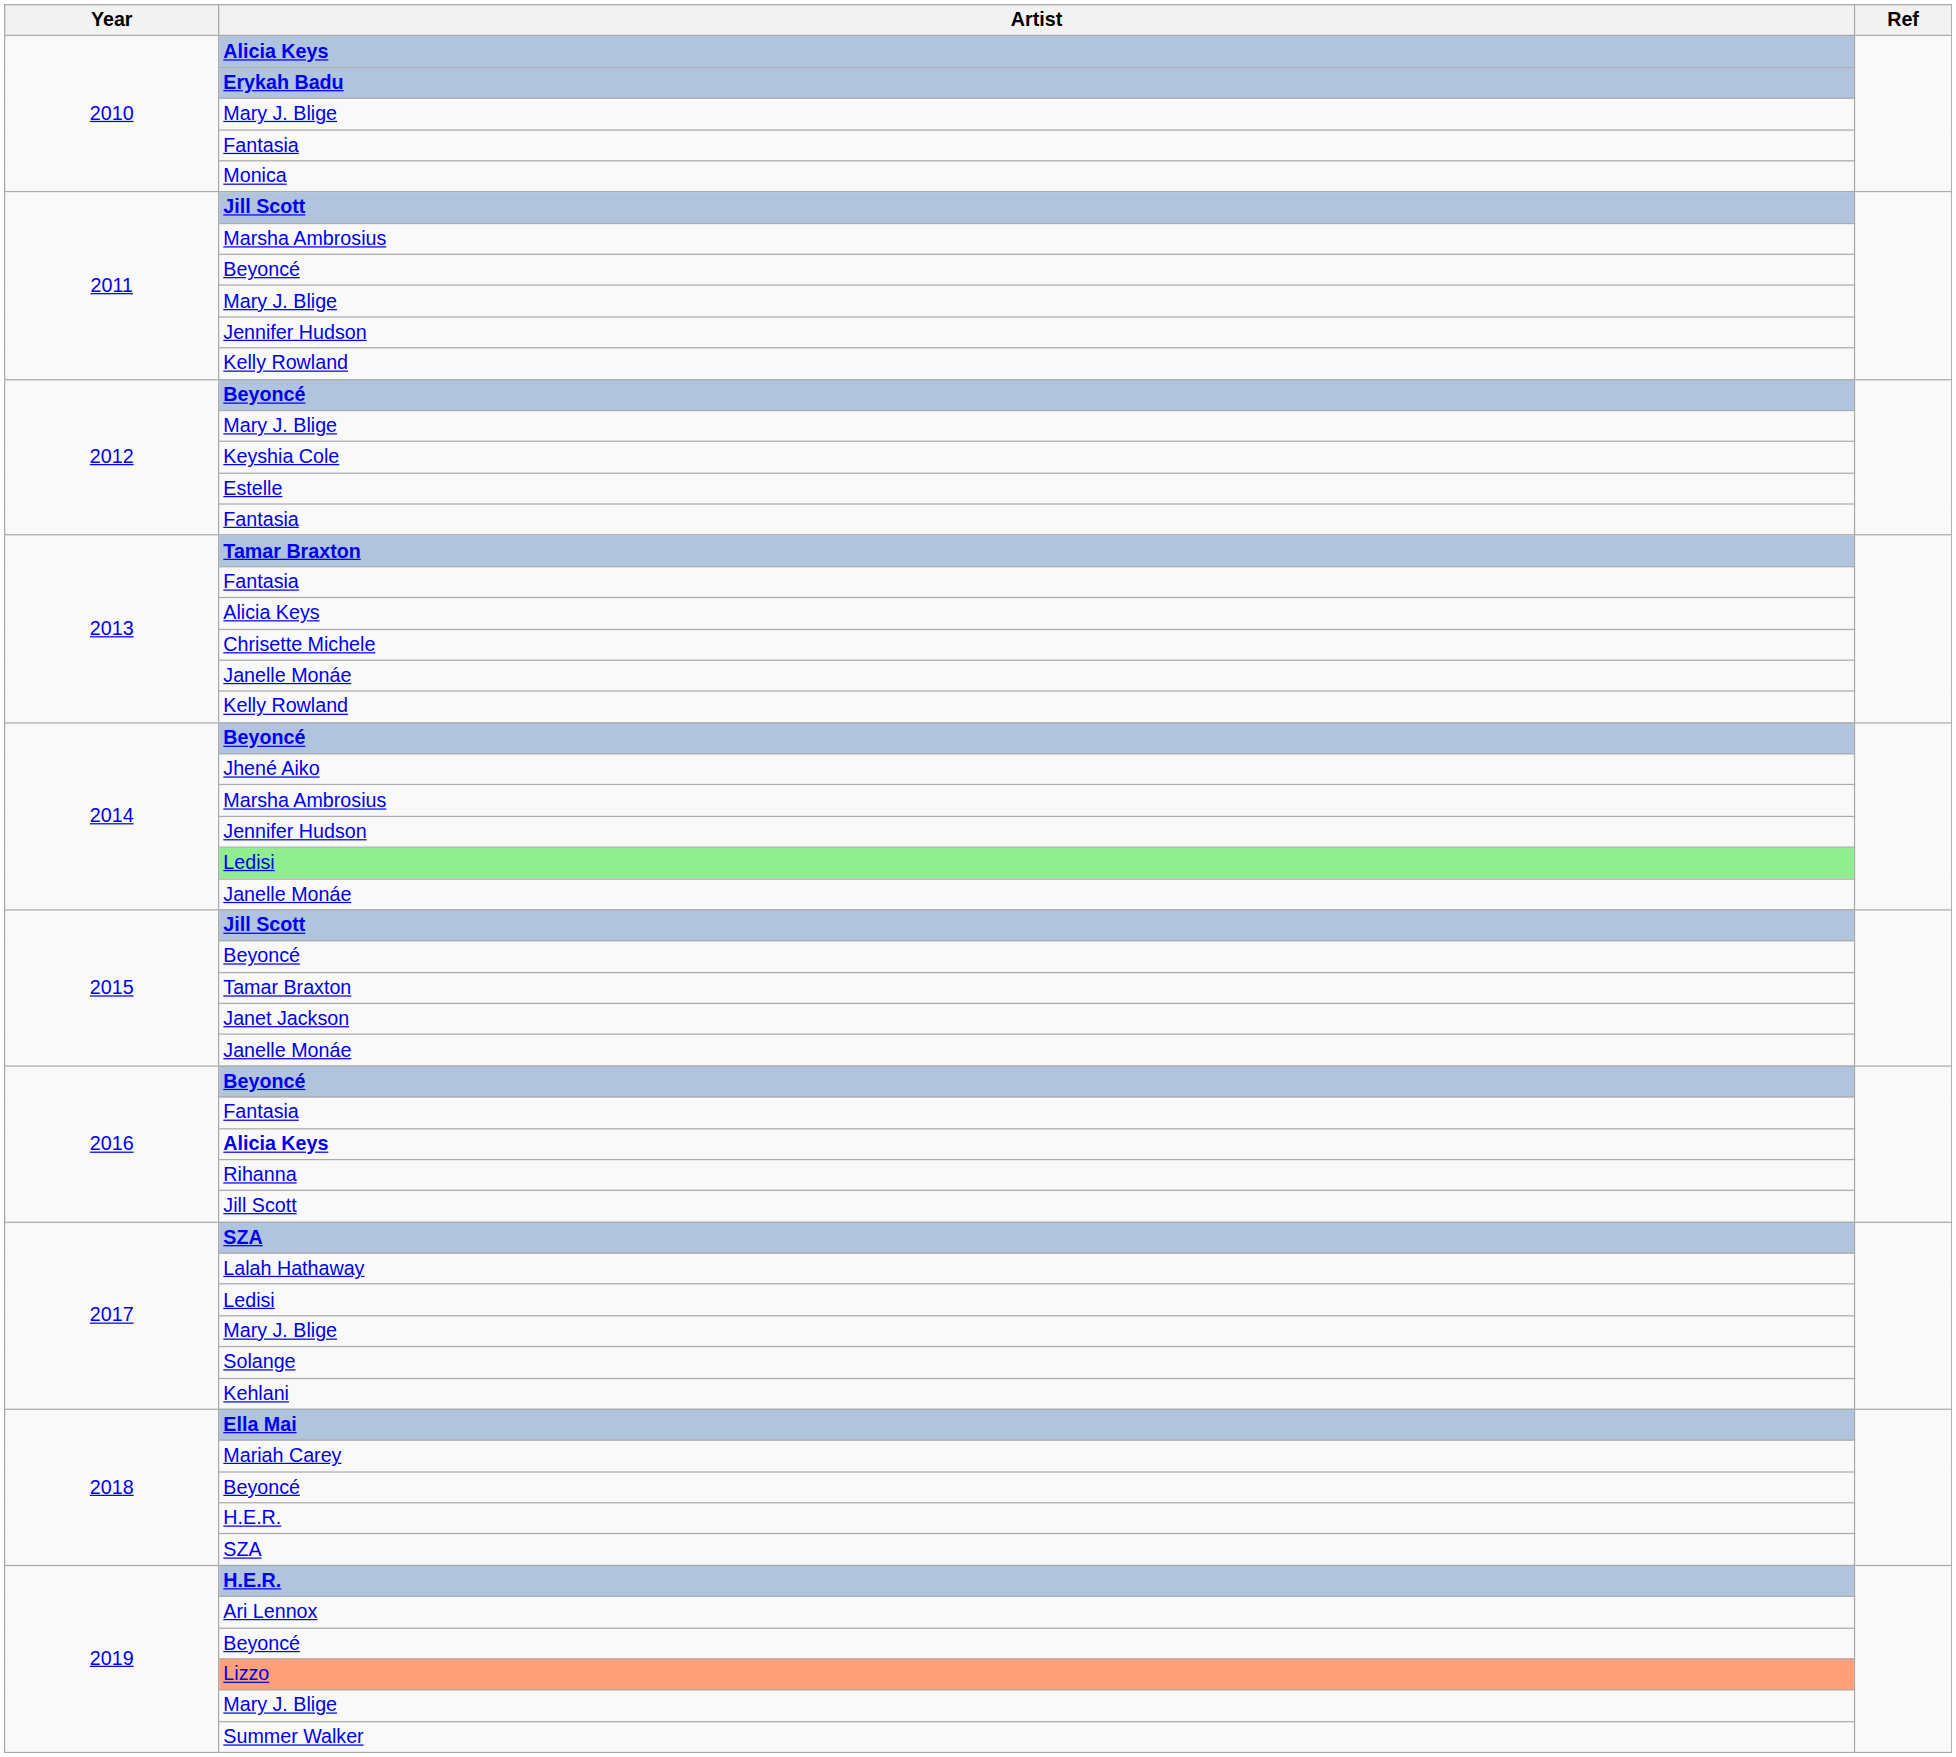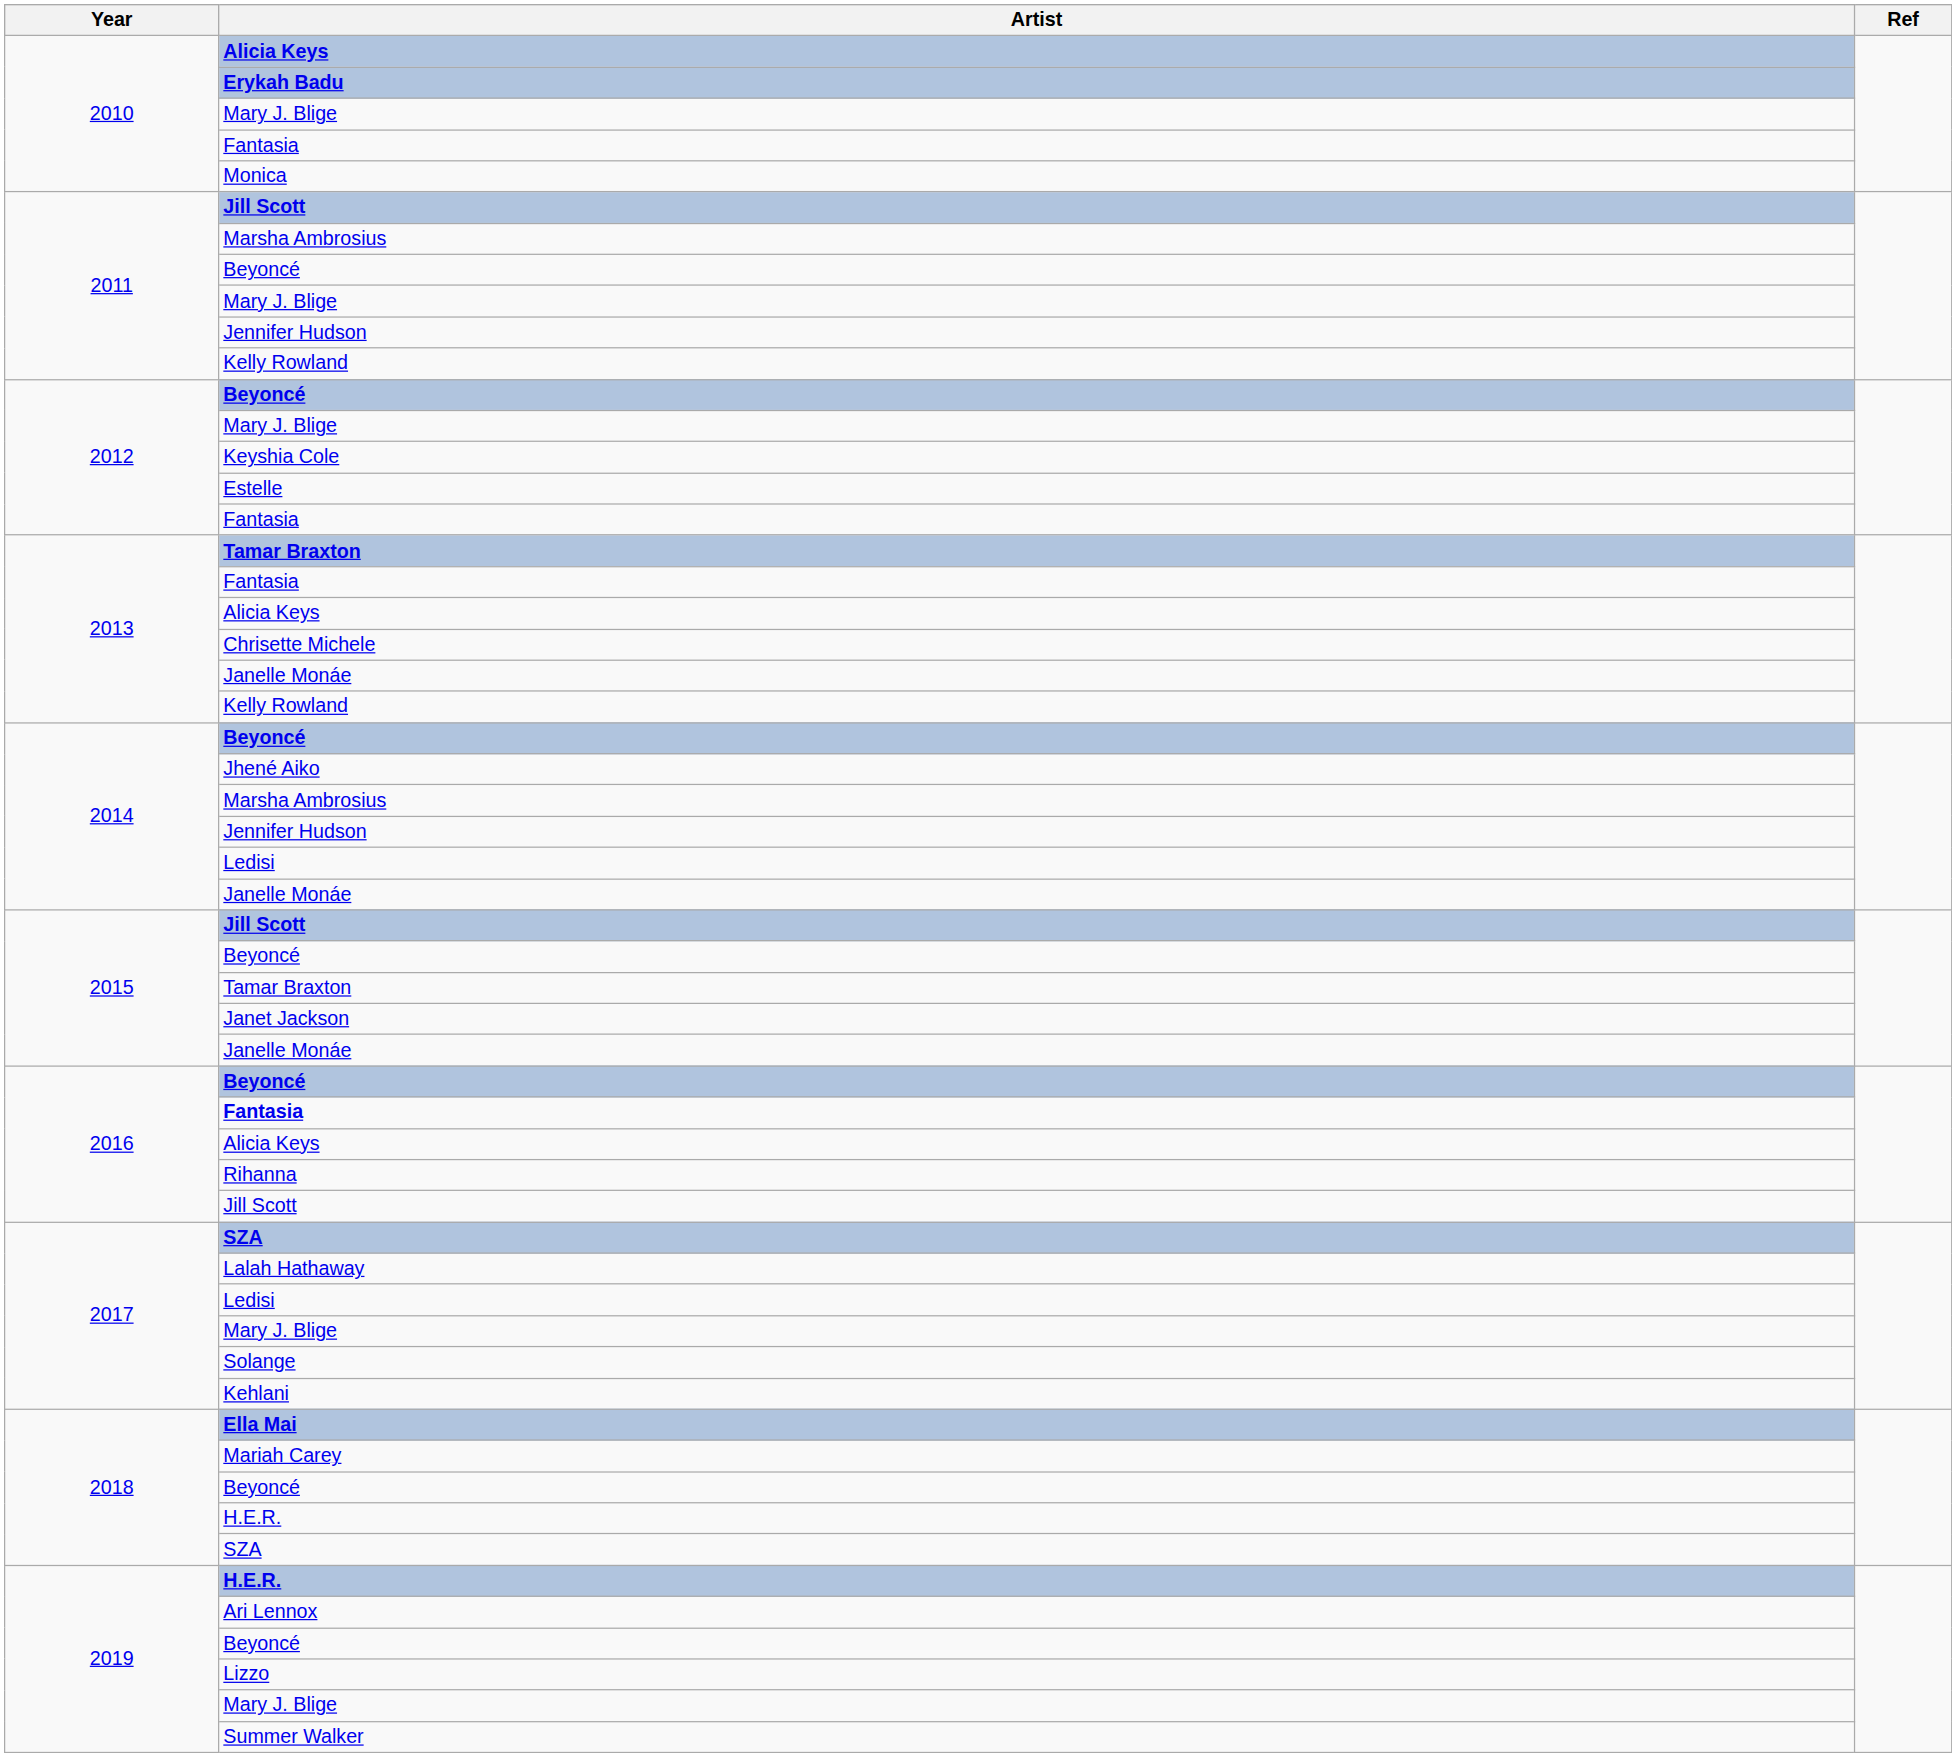 <table class="wikitable" style="width:100%;">
 <tr style="background:#bebebe;">
 <th style="width:11%;">Year</th>
 <th style="width:84%;">Artist</th>
 <th style="width:5%;">Ref</th>
 </tr>
 <tr>
 <td rowspan="5" align="center"><a href='#'>2010</a></td>
 <td style="background:#B0C4DE"><strong><a href='#'>Alicia Keys</a></strong></td>
 <td rowspan="5" align="center"></td>
 </tr>
 <tr>
 <td style="background:#B0C4DE"><strong><a href='#'>Erykah Badu</a></strong></td>
 </tr>
 <tr>
 <td><a href='#'>Mary J. Blige</a></td>
 </tr>
 <tr>
 <td><a href='#'>Fantasia</a></td>
 </tr>
 <tr>
 <td><a href='#'>Monica</a></td>
 </tr>
 <tr>
 <td rowspan="6" align="center"><a href='#'>2011</a></td>
 <td style="background:#B0C4DE"><strong><a href='#'>Jill Scott</a></strong></td>
 <td rowspan="6" align="center"></td>
 </tr>
 <tr>
 <td><a href='#'>Marsha Ambrosius</a></td>
 </tr>
 <tr>
 <td><a href='#'>Beyoncé</a></td>
 </tr>
 <tr>
 <td><a href='#'>Mary J. Blige</a></td>
 </tr>
 <tr>
 <td><a href='#'>Jennifer Hudson</a></td>
 </tr>
 <tr>
 <td><a href='#'>Kelly Rowland</a></td>
 </tr>
 <tr>
 <td rowspan="5" align="center"><a href='#'>2012</a></td>
 <td style="background:#B0C4DE"><strong><a href='#'>Beyoncé</a></strong></td>
 <td rowspan="5" align="center"></td>
 </tr>
 <tr>
 <td><a href='#'>Mary J. Blige</a></td>
 </tr>
 <tr>
 <td><a href='#'>Keyshia Cole</a></td>
 </tr>
 <tr>
 <td><a href='#'>Estelle</a></td>
 </tr>
 <tr>
 <td><a href='#'>Fantasia</a></td>
 </tr>
 <tr>
 <td rowspan="6" align="center"><a href='#'>2013</a></td>
 <td style="background:#B0C4DE"><strong><a href='#'>Tamar Braxton</a></strong></td>
 <td rowspan="6" align="center"></td>
 </tr>
 <tr>
 <td><a href='#'>Fantasia</a></td>
 </tr>
 <tr>
 <td><a href='#'>Alicia Keys</a></td>
 </tr>
 <tr>
 <td><a href='#'>Chrisette Michele</a></td>
 </tr>
 <tr>
 <td><a href='#'>Janelle Monáe</a></td>
 </tr>
 <tr>
 <td><a href='#'>Kelly Rowland</a></td>
 </tr>
 <tr>
 <td rowspan="6" align="center"><a href='#'>2014</a></td>
 <td style="background:#B0C4DE"><strong><a href='#'>Beyoncé</a></strong></td>
 <td rowspan="6" align="center"></td>
 </tr>
 <tr>
 <td><a href='#'>Jhené Aiko</a></td>
 </tr>
 <tr>
 <td><a href='#'>Marsha Ambrosius</a></td>
 </tr>
 <tr>
 <td><a href='#'>Jennifer Hudson</a></td>
 </tr>
 <tr>
-<td style="background: lightgreen;"><a href='#'>Ledisi</a></td>
+<td><a href='#'>Ledisi</a></td>
 </tr>
 <tr>
 <td><a href='#'>Janelle Monáe</a></td>
 </tr>
 <tr>
 <td rowspan="5" align="center"><a href='#'>2015</a></td>
 <td style="background:#B0C4DE"><strong><a href='#'>Jill Scott</a></strong></td>
 <td rowspan="5" align="center"></td>
 </tr>
 <tr>
 <td><a href='#'>Beyoncé</a></td>
 </tr>
 <tr>
 <td><a href='#'>Tamar Braxton</a></td>
 </tr>
 <tr>
 <td><a href='#'>Janet Jackson</a></td>
 </tr>
 <tr>
 <td><a href='#'>Janelle Monáe</a></td>
 </tr>
 <tr>
 <td rowspan="5" align="center"><a href='#'>2016</a></td>
 <td style="background:#B0C4DE"><strong><a href='#'>Beyoncé</a></strong></td>
 <td rowspan="5" align="center"></td>
 </tr>
 <tr>
-<td><a href='#'>Fantasia</a></td>
+<td><strong><a href='#'>Fantasia</a></strong></td>
 </tr>
 <tr>
-<td><strong><a href='#'>Alicia Keys</a></strong></td>
+<td><a href='#'>Alicia Keys</a></td>
 </tr>
 <tr>
 <td><a href='#'>Rihanna</a></td>
 </tr>
 <tr>
 <td><a href='#'>Jill Scott</a></td>
 </tr>
 <tr>
 <td rowspan="6" align="center"><a href='#'>2017</a></td>
 <td style="background:#B0C4DE"><strong><a href='#'>SZA</a></strong></td>
 <td rowspan="6" align="center"></td>
 </tr>
 <tr>
 <td><a href='#'>Lalah Hathaway</a></td>
 </tr>
 <tr>
 <td><a href='#'>Ledisi</a></td>
 </tr>
 <tr>
 <td><a href='#'>Mary J. Blige</a></td>
 </tr>
 <tr>
 <td><a href='#'>Solange</a></td>
 </tr>
 <tr>
 <td><a href='#'>Kehlani</a></td>
 </tr>
 <tr>
 <td rowspan="5" align="center"><a href='#'>2018</a></td>
 <td style="background:#B0C4DE"><strong><a href='#'>Ella Mai</a></strong></td>
 <td rowspan="5" align="center"></td>
 </tr>
 <tr>
 <td><a href='#'>Mariah Carey</a></td>
 </tr>
 <tr>
 <td><a href='#'>Beyoncé</a></td>
 </tr>
 <tr>
 <td><a href='#'>H.E.R.</a></td>
 </tr>
 <tr>
 <td><a href='#'>SZA</a></td>
 </tr>
 <tr>
 <td rowspan="6" align="center"><a href='#'>2019</a></td>
 <td style="background:#B0C4DE"><strong><a href='#'>H.E.R.</a></strong></td>
 <td rowspan="6" align="center"></td>
 </tr>
 <tr>
 <td><a href='#'>Ari Lennox</a></td>
 </tr>
 <tr>
 <td><a href='#'>Beyoncé</a></td>
 </tr>
 <tr>
-<td style="background: lightsalmon;"><a href='#'>Lizzo</a></td>
+<td><a href='#'>Lizzo</a></td>
 </tr>
 <tr>
 <td><a href='#'>Mary J. Blige</a></td>
 </tr>
 <tr>
 <td><a href='#'>Summer Walker</a></td>
 </tr>
 </table>
